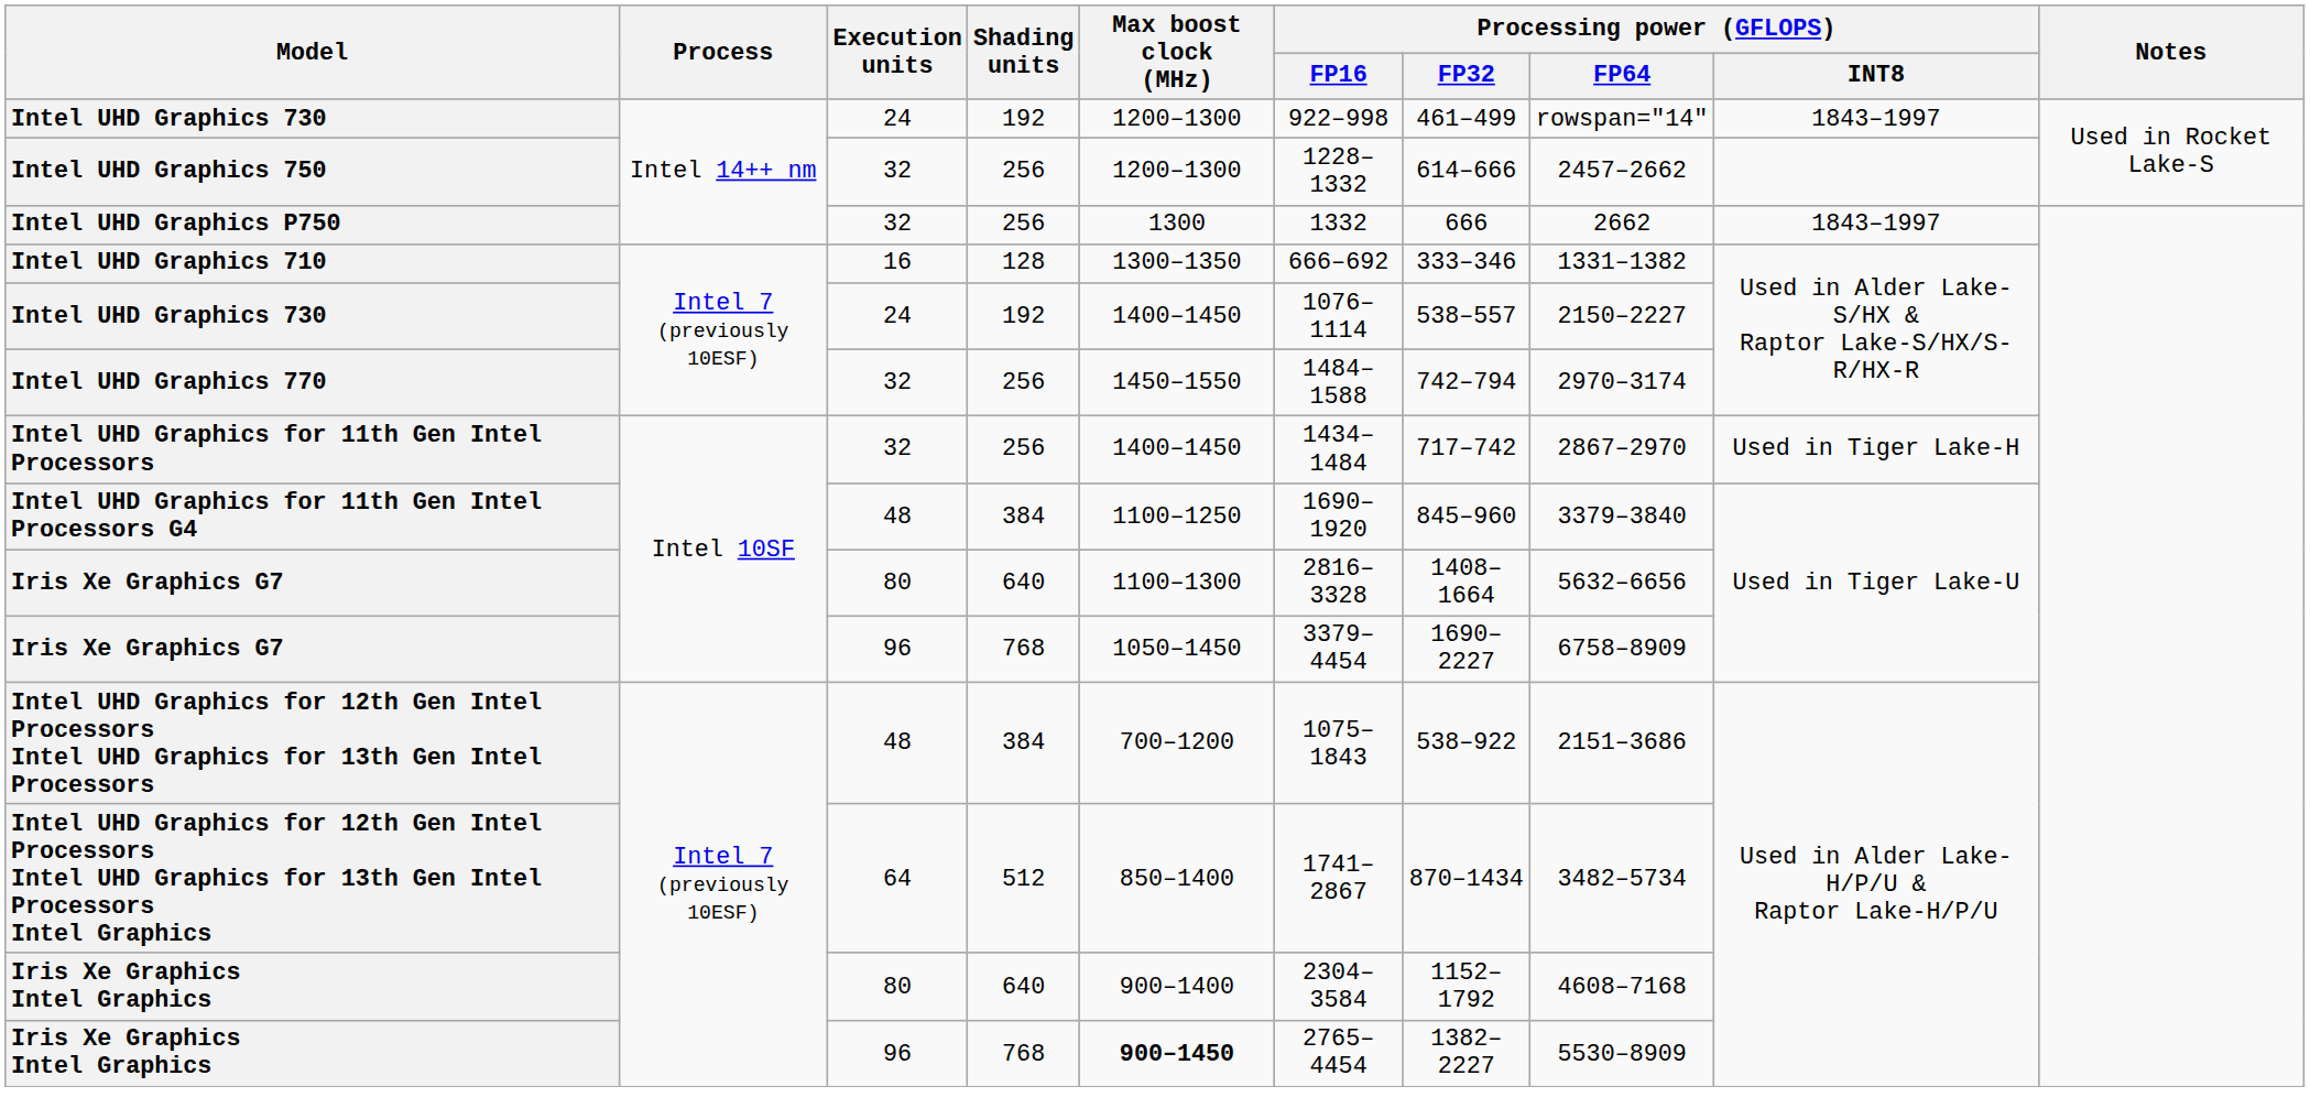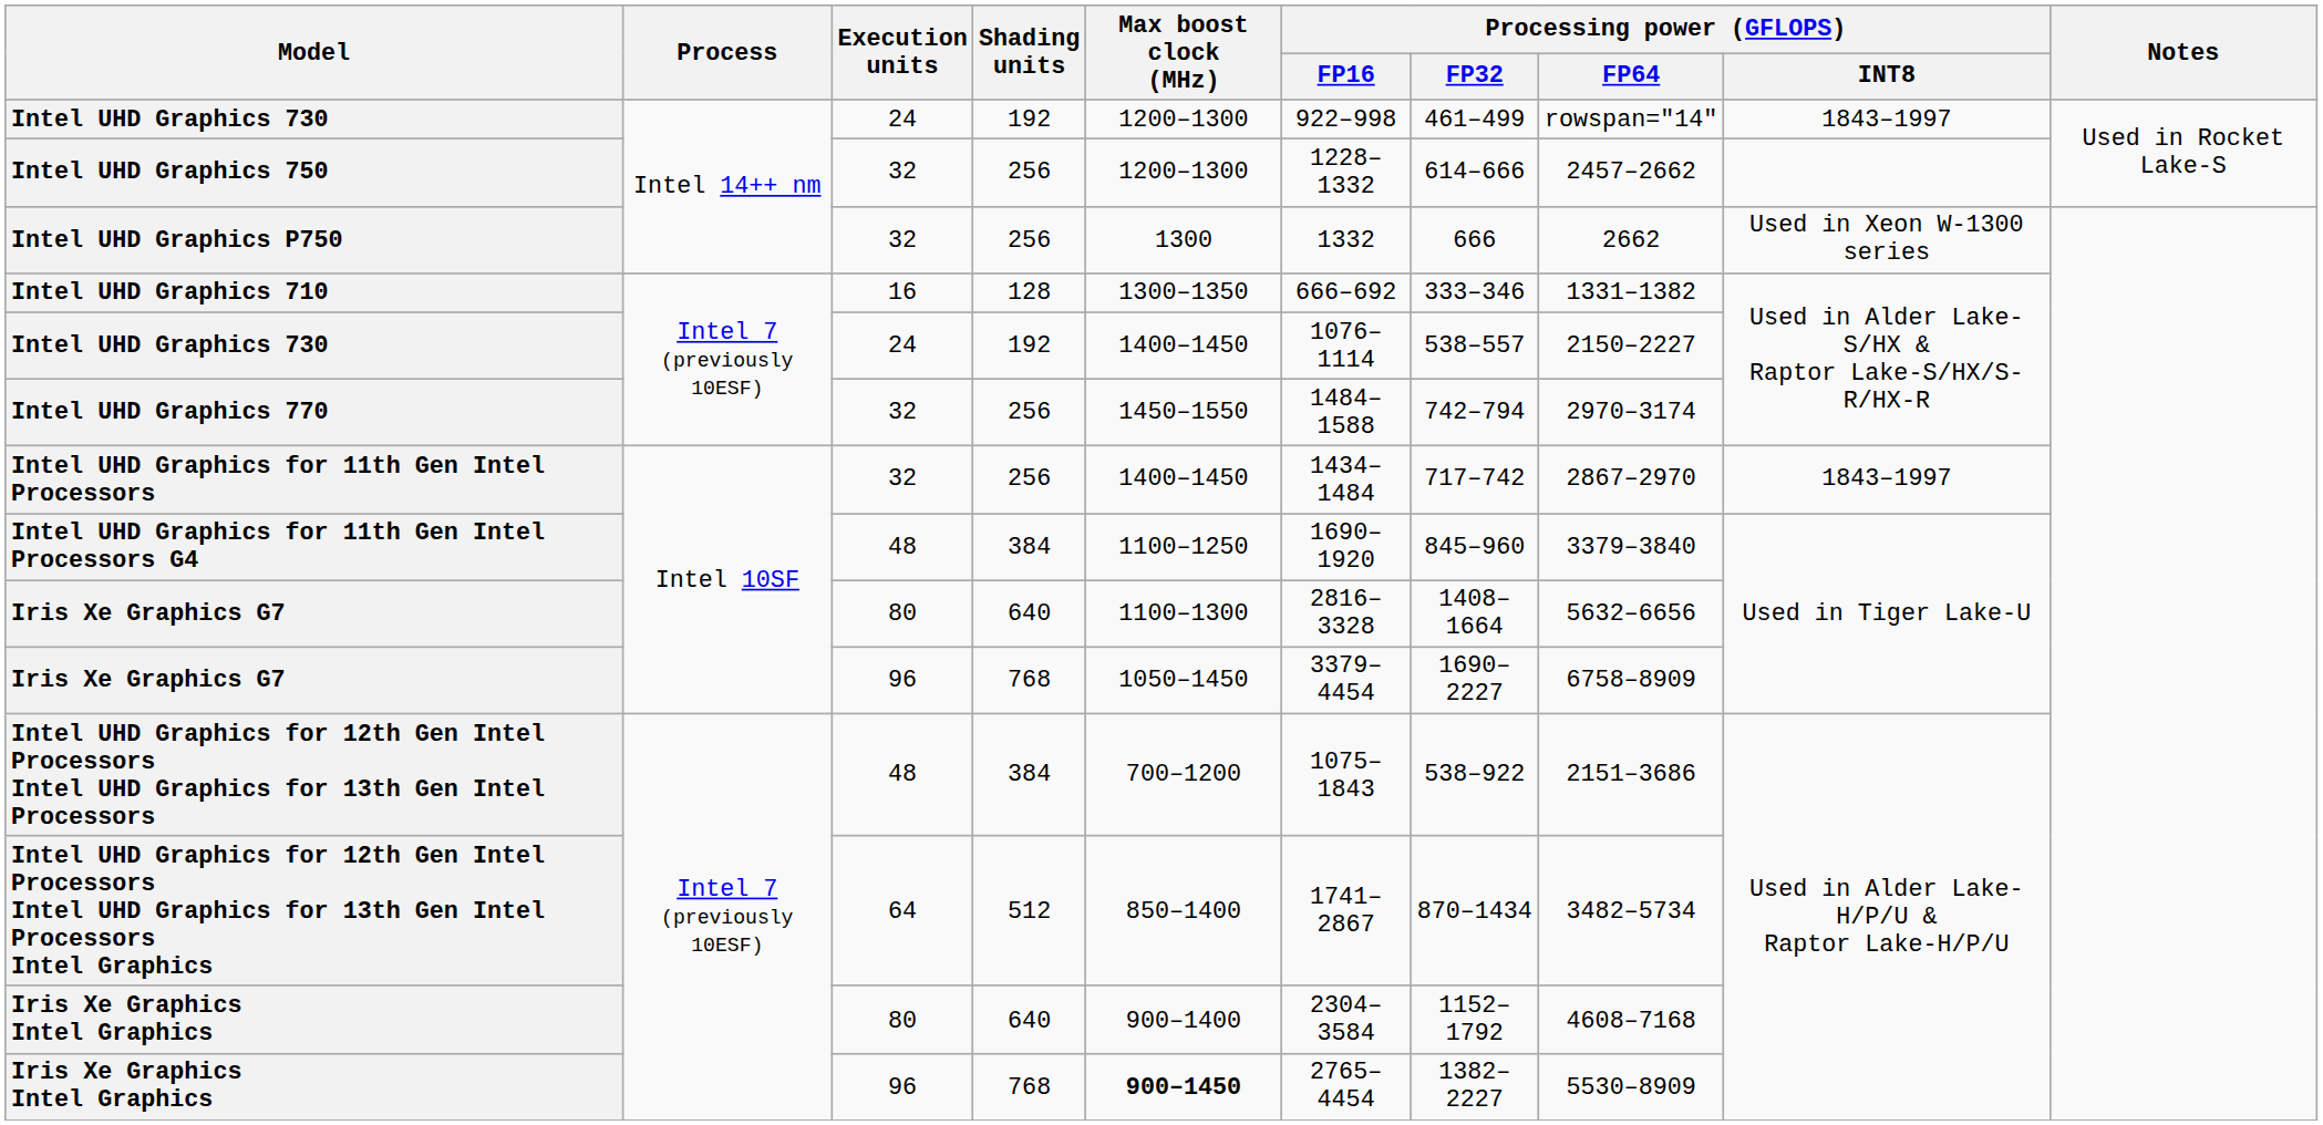 <table class="wikitable" style="text-align:center;">
 <tr>
 <th rowspan="2">Model</th>
 <th rowspan="2">Process</th>
 <th rowspan="2">Execution <br>units</th>
 <th rowspan="2">Shading <br>units</th>
 <th rowspan="2">Max boost clock <br>(MHz)</th>
 <th colspan="4">Processing power (<a href='#'>GFLOPS</a>)</th>
 <th rowspan="2">Notes</th>
 </tr>
 <tr>
 <th><a href='#'>FP16</a></th>
 <th><a href='#'>FP32</a></th>
 <th><a href='#'>FP64</a></th>
 <th>INT8</th>
 </tr>
 <tr>
 <th style="text-align:left;">Intel UHD Graphics 730</th>
 <td rowspan="3">Intel <a href='#'>14++ nm</a></td>
 <td>24</td>
 <td>192</td>
 <td>1200–1300</td>
 <td>922–998</td>
 <td>461–499</td>
 <td>rowspan="14" </td>
 <td>1843–1997</td>
 <td rowspan="2">Used in Rocket Lake-S</td>
 </tr>
 <tr>
 <th style="text-align:left;">Intel UHD Graphics 750</th>
 <td>32</td>
 <td>256</td>
 <td>1200–1300</td>
 <td>1228–1332</td>
 <td>614–666</td>
 <td>2457–2662</td>
 </tr>
 <tr>
 <th style="text-align:left;">Intel UHD Graphics P750</th>
 <td>32</td>
 <td>256</td>
 <td>1300</td>
 <td>1332</td>
 <td>666</td>
 <td>2662</td>
-<td>1843–1997</td>
+<td>Used in Xeon W-1300 series</td>
 </tr>
 <tr>
 <th style="text-align:left;">Intel UHD Graphics 710</th>
 <td rowspan="3"><a href='#'>Intel 7</a><br><small>(previously 10ESF)</small></td>
 <td>16</td>
 <td>128</td>
 <td>1300–1350</td>
 <td>666–692</td>
 <td>333–346</td>
 <td>1331–1382</td>
 <td rowspan="3">Used in Alder Lake-S/HX &<br> Raptor Lake-S/HX/S-R/HX-R</td>
 </tr>
 <tr>
 <th style="text-align:left;">Intel UHD Graphics 730</th>
 <td>24</td>
 <td>192</td>
 <td>1400–1450</td>
 <td>1076–1114</td>
 <td>538–557</td>
 <td>2150–2227</td>
 </tr>
 <tr>
 <th style="text-align:left;">Intel UHD Graphics 770</th>
 <td>32</td>
 <td>256</td>
 <td>1450–1550</td>
 <td>1484–1588</td>
 <td>742–794</td>
 <td>2970–3174</td>
 </tr>
 <tr>
 <th style="text-align:left;">Intel UHD Graphics for 11th Gen Intel Processors</th>
 <td rowspan="4">Intel <a href='#'>10SF</a></td>
 <td>32</td>
 <td>256</td>
 <td>1400–1450</td>
 <td>1434–1484</td>
 <td>717–742</td>
 <td>2867–2970</td>
-<td>Used in Tiger Lake-H</td>
+<td>1843–1997</td>
 </tr>
 <tr>
 <th style="text-align:left;">Intel UHD Graphics for 11th Gen Intel Processors G4</th>
 <td>48</td>
 <td>384</td>
 <td>1100–1250</td>
 <td>1690–1920</td>
 <td>845–960</td>
 <td>3379–3840</td>
 <td rowspan="3">Used in Tiger Lake-U</td>
 </tr>
 <tr>
 <th style="text-align:left;">Iris Xe Graphics G7</th>
 <td>80</td>
 <td>640</td>
 <td>1100–1300</td>
 <td>2816–3328</td>
 <td>1408–1664</td>
 <td>5632–6656</td>
 </tr>
 <tr>
 <th style="text-align:left;">Iris Xe Graphics G7</th>
 <td>96</td>
 <td>768</td>
 <td>1050–1450</td>
 <td>3379–4454</td>
 <td>1690–2227</td>
 <td>6758–8909</td>
 </tr>
 <tr>
 <th style="text-align:left;">Intel UHD Graphics for 12th Gen Intel Processors <br> Intel UHD Graphics for 13th Gen Intel Processors</th>
 <td rowspan="4"><a href='#'>Intel 7</a><br><small>(previously 10ESF)</small></td>
 <td>48</td>
 <td>384</td>
 <td>700–1200</td>
 <td>1075–1843</td>
 <td>538–922</td>
 <td>2151–3686</td>
 <td rowspan="4">Used in Alder Lake-H/P/U &<br> Raptor Lake-H/P/U</td>
 </tr>
 <tr>
 <th style="text-align:left;">Intel UHD Graphics for 12th Gen Intel Processors <br> Intel UHD Graphics for 13th Gen Intel Processors <br> Intel Graphics</th>
 <td>64</td>
 <td>512</td>
 <td>850–1400</td>
 <td>1741–2867</td>
 <td>870–1434</td>
 <td>3482–5734</td>
 </tr>
 <tr>
 <th style="text-align:left;">Iris Xe Graphics <br> Intel Graphics</th>
 <td>80</td>
 <td>640</td>
 <td>900–1400</td>
 <td>2304–3584</td>
 <td>1152–1792</td>
 <td>4608–7168</td>
 </tr>
 <tr>
 <th style="text-align:left;">Iris Xe Graphics <br> Intel Graphics</th>
 <td>96</td>
 <td>768</td>
 <td><strong>900–1450</strong></td>
 <td>2765–4454</td>
 <td>1382–2227</td>
 <td>5530–8909</td>
 </tr>
 </table>
